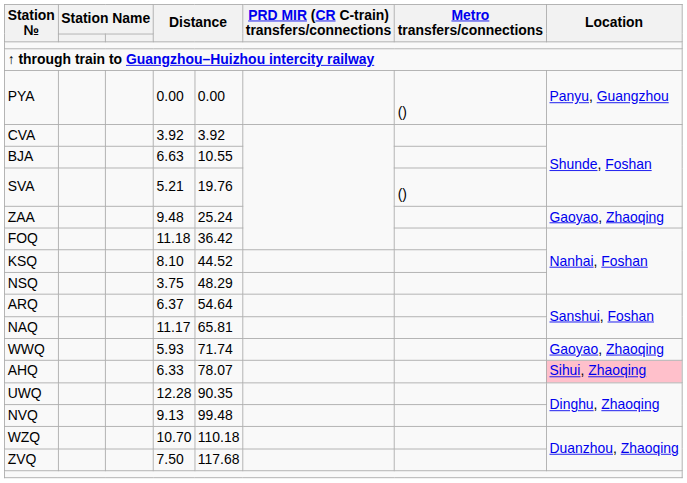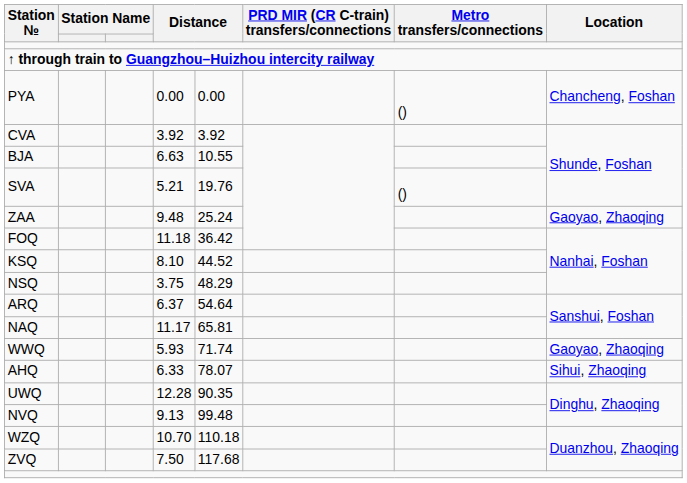 <table class="wikitable">
 <tr>
 <th rowspan="2">Station<br>№</th>
 <th colspan="2">Station Name</th>
 <th rowspan="2" colspan="2">Distance<br></th>
 <th rowspan="2"><a href='#'>PRD MIR</a> (<a href='#'>CR</a> C-train)<br>transfers/connections</th>
 <th rowspan="2"><a href='#'>Metro</a><br>transfers/connections</th>
 <th rowspan="2">Location</th>
 </tr>
 <tr>
 <th></th>
 <th></th>
 </tr>
 <tr style="background:#">
 <td colspan = "9"></td>
 </tr>
 <tr>
 <td colspan="8"><strong>↑ through train to <a href='#'>Guangzhou–Huizhou intercity railway</a></strong> </td>
 </tr>
 <tr>
 <td>PYA</td>
 <td></td>
 <td></td>
 <td>0.00</td>
 <td>0.00</td>
 <td><br> </td>
 <td>   <br> <br> ()</td>
-<td><a href='#'>Panyu</a>, <a href='#'>Guangzhou</a></td>
+<td><a href='#'>Chancheng</a>, <a href='#'>Foshan</a></td>
 </tr>
 <tr>
 <td>CVA</td>
 <td></td>
 <td></td>
 <td>3.92</td>
 <td>3.92</td>
 <td rowspan=5></td>
 <td> </td>
 <td rowspan=3><a href='#'>Shunde</a>, <a href='#'>Foshan</a></td>
 </tr>
 <tr>
 <td>BJA</td>
 <td> </td>
 <td></td>
 <td>6.63</td>
 <td>10.55</td>
 <td> </td>
 </tr>
 <tr>
 <td>SVA</td>
 <td> </td>
 <td></td>
 <td>5.21</td>
 <td>19.76</td>
 <td>  <br>()</td>
 </tr>
 <tr>
 <td>ZAA</td>
 <td></td>
 <td></td>
 <td>9.48</td>
 <td>25.24</td>
 <td> </td>
 <td><a href='#'>Gaoyao</a>, <a href='#'>Zhaoqing</a></td>
 </tr>
 <tr>
 <td>FOQ</td>
 <td> </td>
 <td></td>
 <td>11.18</td>
 <td>36.42</td>
 <td>  </td>
 <td rowspan=3><a href='#'>Nanhai</a>, <a href='#'>Foshan</a></td>
 </tr>
 <tr>
 <td>KSQ</td>
 <td></td>
 <td></td>
 <td>8.10</td>
 <td>44.52</td>
 <td></td>
 <td></td>
 </tr>
 <tr>
 <td>NSQ</td>
 <td> </td>
 <td></td>
 <td>3.75</td>
 <td>48.29</td>
 <td></td>
 <td></td>
 </tr>
 <tr>
 <td>ARQ</td>
 <td> </td>
 <td></td>
 <td>6.37</td>
 <td>54.64</td>
 <td></td>
 <td></td>
 <td rowspan = "2"><a href='#'>Sanshui</a>, <a href='#'>Foshan</a></td>
 </tr>
 <tr>
 <td>NAQ</td>
 <td></td>
 <td></td>
 <td>11.17</td>
 <td>65.81</td>
 <td></td>
 <td></td>
 </tr>
 <tr>
 <td>WWQ</td>
 <td></td>
 <td></td>
 <td>5.93</td>
 <td>71.74</td>
 <td></td>
 <td></td>
 <td><a href='#'>Gaoyao</a>, <a href='#'>Zhaoqing</a></td>
 </tr>
 <tr>
 <td>AHQ</td>
 <td></td>
 <td></td>
 <td>6.33</td>
 <td>78.07</td>
 <td></td>
 <td></td>
-<td style="background: pink;"><a href='#'>Sihui</a>, <a href='#'>Zhaoqing</a></td>
+<td><a href='#'>Sihui</a>, <a href='#'>Zhaoqing</a></td>
 </tr>
 <tr>
 <td>UWQ</td>
 <td> </td>
 <td></td>
 <td>12.28</td>
 <td>90.35</td>
 <td></td>
 <td></td>
 <td rowspan = "2"><a href='#'>Dinghu</a>, <a href='#'>Zhaoqing</a></td>
 </tr>
 <tr>
 <td>NVQ</td>
 <td></td>
 <td></td>
 <td>9.13</td>
 <td>99.48</td>
 <td></td>
 <td></td>
 </tr>
 <tr>
 <td>WZQ</td>
 <td></td>
 <td></td>
 <td>10.70</td>
 <td>110.18</td>
 <td></td>
 <td></td>
 <td rowspan = "2"><a href='#'>Duanzhou</a>, <a href='#'>Zhaoqing</a></td>
 </tr>
 <tr>
 <td>ZVQ</td>
 <td></td>
 <td></td>
 <td>7.50</td>
 <td>117.68</td>
 <td></td>
 <td></td>
 </tr>
 <tr style="background:#">
 <td colspan = "9"></td>
 </tr>
 </table>
